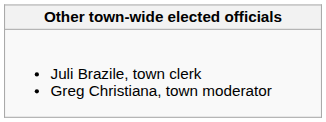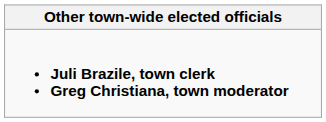 <table class="wikitable" style="width: 300px; font-size: 90%; float: left; margin: 0.5em 1em 0.5em 0;">
 <tr>
 <th>Other town-wide elected officials</th>
 </tr>
 <tr>
-<td><br><ul><li>Juli Brazile, town clerk</li><li>Greg Christiana, town moderator</li></ul></td>
+<td><strong><br><ul><li>Juli Brazile, town clerk</li><li>Greg Christiana, town moderator</li></ul></strong></td>
 </tr>
 </table>
